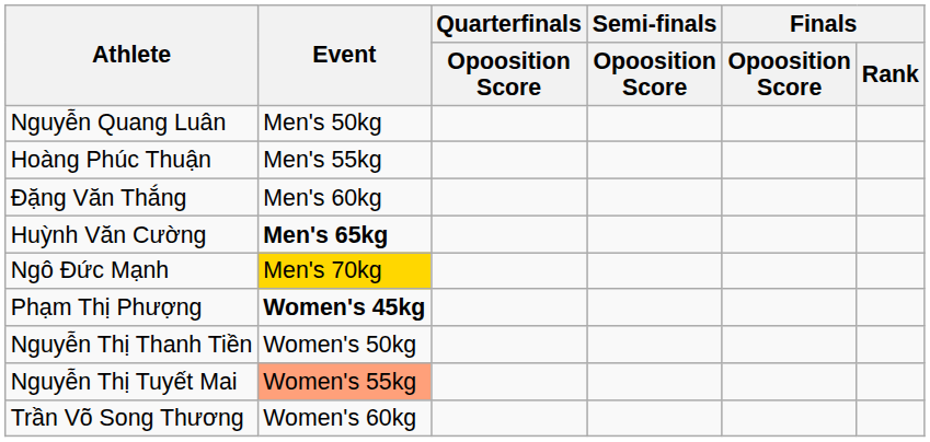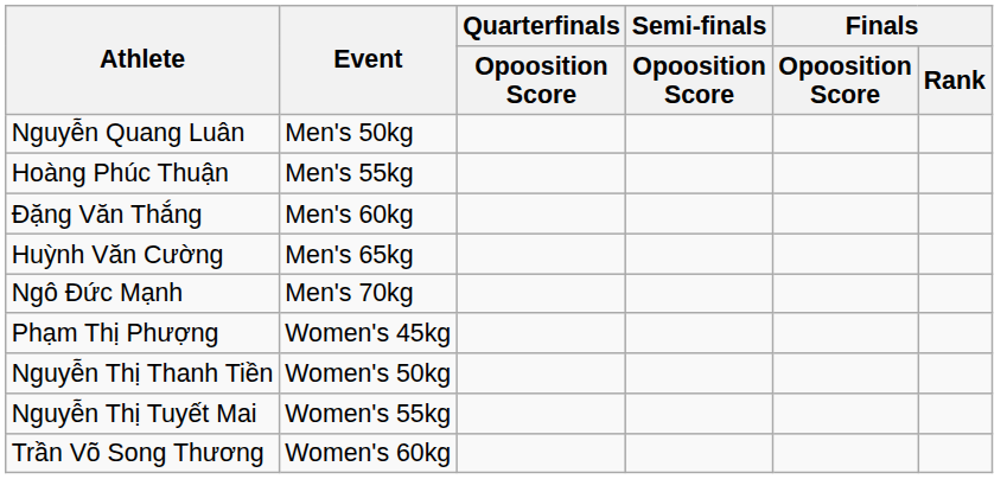 <table class="wikitable" style="font-size: 90%">
 <tr>
 <th rowspan="2">Athlete</th>
 <th rowspan="2">Event</th>
 <th>Quarterfinals</th>
 <th>Semi-finals</th>
 <th colspan="2">Finals</th>
 </tr>
 <tr>
 <th>Opoosition<br>Score</th>
 <th>Opoosition<br>Score</th>
 <th>Opoosition<br>Score</th>
 <th>Rank</th>
 </tr>
 <tr align="center">
 <td align="left">Nguyễn Quang Luân</td>
 <td align="left">Men's 50kg</td>
 <td></td>
 <td></td>
 <td></td>
 <td></td>
 </tr>
 <tr align="center">
 <td align="left">Hoàng Phúc Thuận</td>
 <td align="left">Men's 55kg</td>
 <td></td>
 <td></td>
 <td></td>
 <td></td>
 </tr>
 <tr align="center">
 <td align="left">Đặng Văn Thắng</td>
 <td align="left">Men's 60kg</td>
 <td></td>
 <td></td>
 <td></td>
 <td></td>
 </tr>
 <tr align="center">
 <td align="left">Huỳnh Văn Cường</td>
-<td align="left"><strong>Men's 65kg</strong></td>
+<td align="left">Men's 65kg</td>
 <td></td>
 <td></td>
 <td></td>
 <td></td>
 </tr>
 <tr align="center">
 <td align="left">Ngô Đức Mạnh</td>
-<td align="left" style="background: gold;">Men's 70kg</td>
+<td align="left">Men's 70kg</td>
 <td></td>
 <td></td>
 <td></td>
 <td></td>
 </tr>
 <tr align="center">
 <td align="left">Phạm Thị Phượng</td>
-<td align="left"><strong>Women's 45kg</strong></td>
+<td align="left">Women's 45kg</td>
 <td></td>
 <td></td>
 <td></td>
 <td></td>
 </tr>
 <tr align="center">
 <td align="left">Nguyễn Thị Thanh Tiền</td>
 <td align="left">Women's 50kg</td>
 <td></td>
 <td></td>
 <td></td>
 <td></td>
 </tr>
 <tr align="center">
 <td align="left">Nguyễn Thị Tuyết Mai</td>
-<td align="left" style="background: lightsalmon;">Women's 55kg</td>
+<td align="left">Women's 55kg</td>
 <td></td>
 <td></td>
 <td></td>
 <td></td>
 </tr>
 <tr align="center">
 <td align="left">Trần Võ Song Thương</td>
 <td align="left">Women's 60kg</td>
 <td></td>
 <td></td>
 <td></td>
 <td></td>
 </tr>
 </table>
